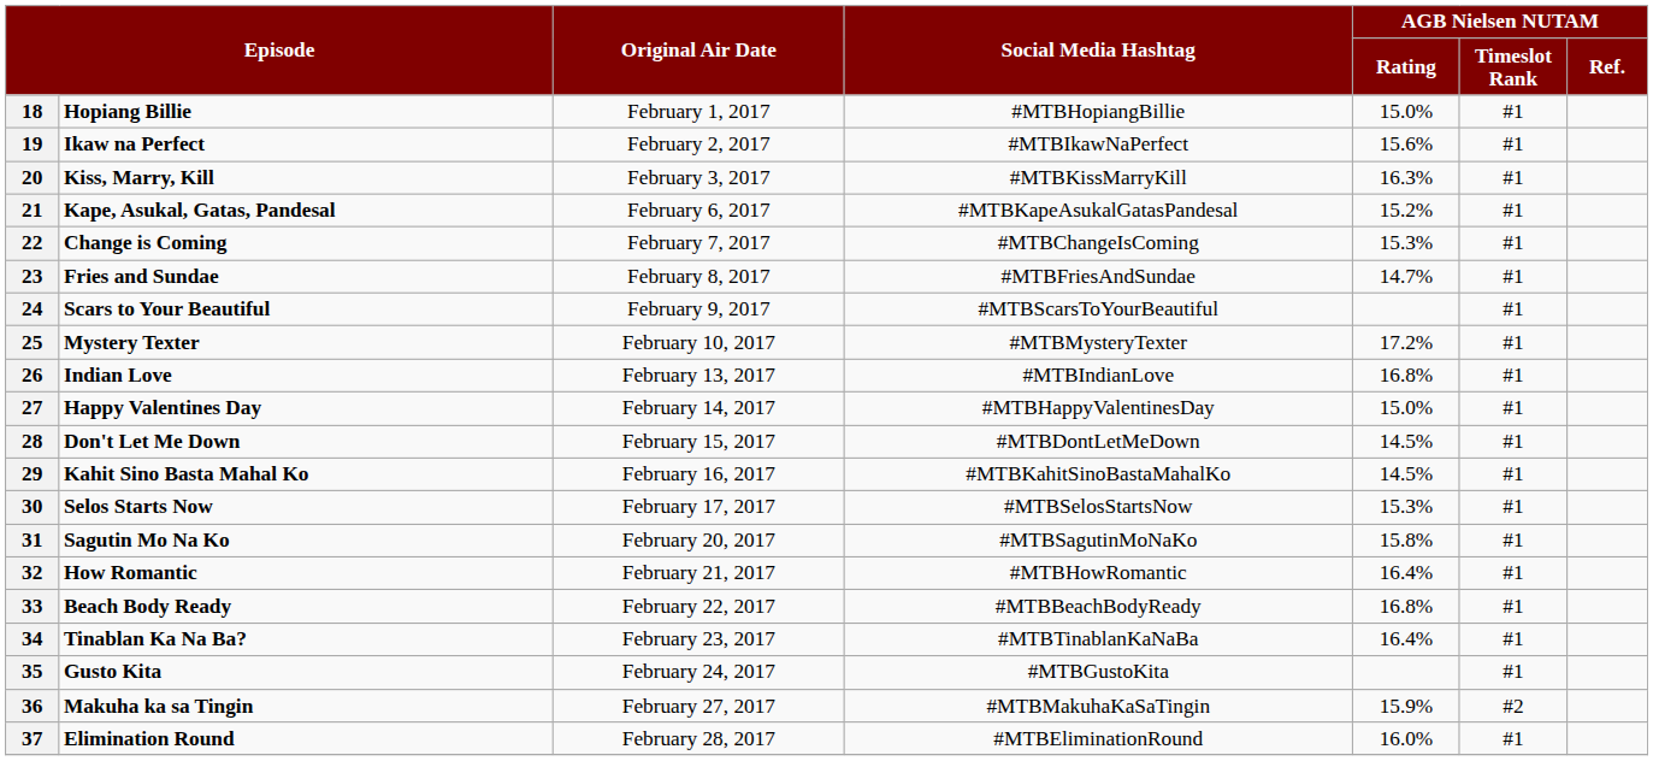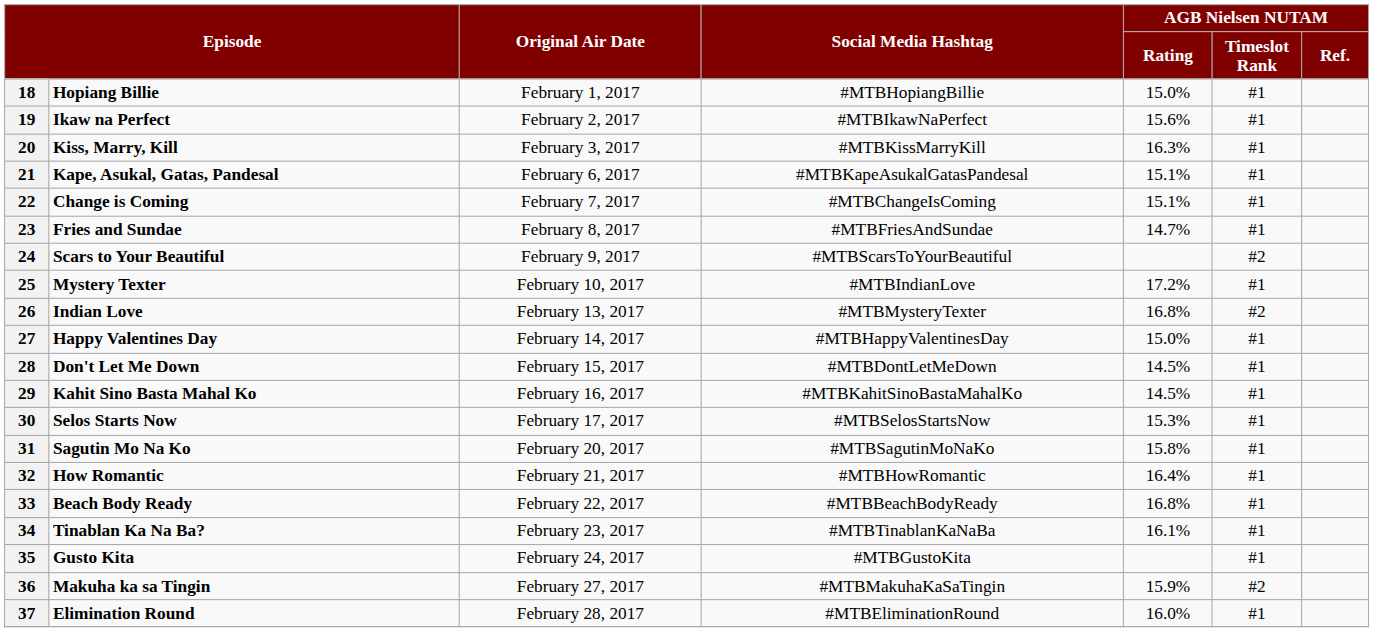 <table class="wikitable" style="text-align:center; font-size:100%; line-height:18px;"  width="100%">
 <tr>
 <th colspan="2" rowspan="2" style="background-color:#800000; color:#ffffff;">Episode</th>
 <th style="background:#800000; color:white" rowspan="2">Original Air Date</th>
 <th style="background:#800000; color:white" rowspan="2">Social Media Hashtag</th>
 <th style="background-color:#800000; color:#ffffff;" colspan="3">AGB Nielsen NUTAM</th>
 </tr>
 <tr>
 <th style="background-color:#800000; width:75px; color:#ffffff;">Rating</th>
 <th style="background-color:#800000; width:75px; color:#ffffff;">Timeslot<br>Rank</th>
 <th style="background-color:#800000; color:#ffffff;">Ref.</th>
 </tr>
 <tr>
 <th>18</th>
 <td style="text-align: left;"><strong>Hopiang Billie</strong></td>
 <td>February 1, 2017</td>
 <td>#MTBHopiangBillie</td>
 <td>15.0%</td>
 <td>#1</td>
 <td></td>
 </tr>
 <tr>
 <th>19</th>
 <td style="text-align: left;"><strong>Ikaw na Perfect</strong></td>
 <td>February 2, 2017</td>
 <td>#MTBIkawNaPerfect</td>
 <td>15.6%</td>
 <td>#1</td>
 <td></td>
 </tr>
 <tr>
 <th>20</th>
 <td style="text-align: left;"><strong>Kiss, Marry, Kill</strong></td>
 <td>February 3, 2017</td>
 <td>#MTBKissMarryKill</td>
 <td>16.3%</td>
 <td>#1</td>
 <td></td>
 </tr>
 <tr>
 <th>21</th>
 <td style="text-align: left;"><strong>Kape, Asukal, Gatas, Pandesal</strong></td>
 <td>February 6, 2017</td>
 <td>#MTBKapeAsukalGatasPandesal</td>
-<td>15.2%</td>
+<td>15.1%</td>
 <td>#1</td>
 <td></td>
 </tr>
 <tr>
 <th>22</th>
 <td style="text-align: left;"><strong>Change is Coming</strong></td>
 <td>February 7, 2017</td>
 <td>#MTBChangeIsComing</td>
-<td>15.3%</td>
+<td>15.1%</td>
 <td>#1</td>
 <td></td>
 </tr>
 <tr>
 <th>23</th>
 <td style="text-align: left;"><strong>Fries and Sundae</strong></td>
 <td>February 8, 2017</td>
 <td>#MTBFriesAndSundae</td>
 <td>14.7%</td>
 <td>#1</td>
 <td></td>
 </tr>
 <tr>
 <th>24</th>
 <td style="text-align: left;"><strong>Scars to Your Beautiful</strong></td>
 <td>February 9, 2017</td>
 <td>#MTBScarsToYourBeautiful</td>
 <td></td>
-<td>#1</td>
+<td>#2</td>
 <td></td>
 </tr>
 <tr>
 <th>25</th>
 <td style="text-align: left;"><strong>Mystery Texter</strong></td>
 <td>February 10, 2017</td>
-<td>#MTBMysteryTexter</td>
+<td>#MTBIndianLove</td>
 <td>17.2%</td>
 <td>#1</td>
 <td></td>
 </tr>
 <tr>
 <th>26</th>
 <td style="text-align: left;"><strong>Indian Love</strong></td>
 <td>February 13, 2017</td>
-<td>#MTBIndianLove</td>
+<td>#MTBMysteryTexter</td>
 <td>16.8%</td>
-<td>#1</td>
+<td>#2</td>
 <td></td>
 </tr>
 <tr>
 <th>27</th>
 <td style="text-align: left;"><strong>Happy Valentines Day</strong></td>
 <td>February 14, 2017</td>
 <td>#MTBHappyValentinesDay</td>
 <td>15.0%</td>
 <td>#1</td>
 <td></td>
 </tr>
 <tr>
 <th>28</th>
 <td style="text-align: left;"><strong>Don't Let Me Down</strong></td>
 <td>February 15, 2017</td>
 <td>#MTBDontLetMeDown</td>
 <td>14.5%</td>
 <td>#1</td>
 <td></td>
 </tr>
 <tr>
 <th>29</th>
 <td style="text-align: left;"><strong>Kahit Sino Basta Mahal Ko</strong></td>
 <td>February 16, 2017</td>
 <td>#MTBKahitSinoBastaMahalKo</td>
 <td>14.5%</td>
 <td>#1</td>
 <td></td>
 </tr>
 <tr>
 <th>30</th>
 <td style="text-align: left;"><strong>Selos Starts Now</strong></td>
 <td>February 17, 2017</td>
 <td>#MTBSelosStartsNow</td>
 <td>15.3%</td>
 <td>#1</td>
 <td></td>
 </tr>
 <tr>
 <th>31</th>
 <td style="text-align: left;"><strong>Sagutin Mo Na Ko</strong></td>
 <td>February 20, 2017</td>
 <td>#MTBSagutinMoNaKo</td>
 <td>15.8%</td>
 <td>#1</td>
 <td></td>
 </tr>
 <tr>
 <th>32</th>
 <td style="text-align: left;"><strong>How Romantic</strong></td>
 <td>February 21, 2017</td>
 <td>#MTBHowRomantic</td>
 <td>16.4%</td>
 <td>#1</td>
 <td></td>
 </tr>
 <tr>
 <th>33</th>
 <td style="text-align: left;"><strong>Beach Body Ready</strong></td>
 <td>February 22, 2017</td>
 <td>#MTBBeachBodyReady</td>
 <td>16.8%</td>
 <td>#1</td>
 <td></td>
 </tr>
 <tr>
 <th>34</th>
 <td style="text-align: left;"><strong>Tinablan Ka Na Ba?</strong></td>
 <td>February 23, 2017</td>
 <td>#MTBTinablanKaNaBa</td>
-<td>16.4%</td>
+<td>16.1%</td>
 <td>#1</td>
 <td></td>
 </tr>
 <tr>
 <th>35</th>
 <td style="text-align: left;"><strong>Gusto Kita</strong></td>
 <td>February 24, 2017</td>
 <td>#MTBGustoKita</td>
 <td></td>
 <td>#1</td>
 <td></td>
 </tr>
 <tr>
 <th>36</th>
 <td style="text-align: left;"><strong>Makuha ka sa Tingin</strong></td>
 <td>February 27, 2017</td>
 <td>#MTBMakuhaKaSaTingin</td>
 <td>15.9%</td>
 <td>#2</td>
 <td></td>
 </tr>
 <tr>
 <th>37</th>
 <td style="text-align: left;"><strong>Elimination Round</strong></td>
 <td>February 28, 2017</td>
 <td>#MTBEliminationRound</td>
 <td>16.0%</td>
 <td>#1</td>
 <td></td>
 </tr>
 <tr>
 </tr>
 </table>
